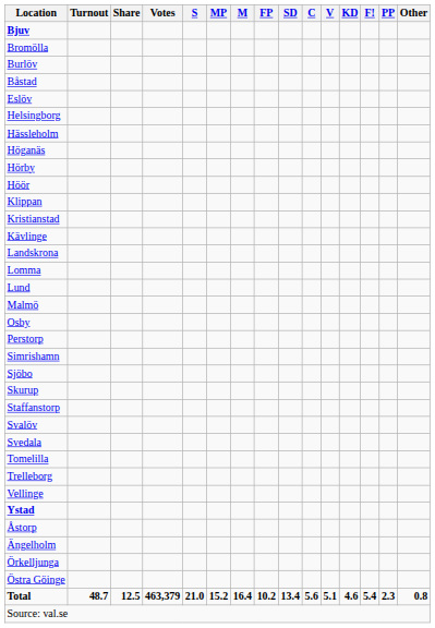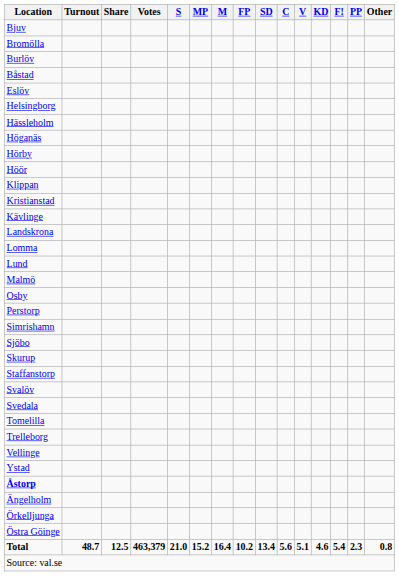 <table class="wikitable sortable" style=text-align:right>
 <tr>
 <th>Location</th>
 <th>Turnout</th>
 <th>Share</th>
 <th>Votes</th>
 <th><a href='#'>S</a></th>
 <th><a href='#'>MP</a></th>
 <th><a href='#'>M</a></th>
 <th><a href='#'>FP</a></th>
 <th><a href='#'>SD</a></th>
 <th><a href='#'>C</a></th>
 <th><a href='#'>V</a></th>
 <th><a href='#'>KD</a></th>
 <th><a href='#'>F!</a></th>
 <th><a href='#'>PP</a></th>
 <th>Other</th>
 </tr>
 <tr>
-<td align=left><strong><a href='#'>Bjuv</a></strong></td>
+<td align=left><a href='#'>Bjuv</a></td>
 <td></td>
 <td></td>
 <td></td>
 <td></td>
 <td></td>
 <td></td>
 <td></td>
 <td></td>
 <td></td>
 <td></td>
 <td></td>
 <td></td>
 <td></td>
 <td></td>
 </tr>
 <tr>
 <td align=left><a href='#'>Bromölla</a></td>
 <td></td>
 <td></td>
 <td></td>
 <td></td>
 <td></td>
 <td></td>
 <td></td>
 <td></td>
 <td></td>
 <td></td>
 <td></td>
 <td></td>
 <td></td>
 <td></td>
 </tr>
 <tr>
 <td align=left><a href='#'>Burlöv</a></td>
 <td></td>
 <td></td>
 <td></td>
 <td></td>
 <td></td>
 <td></td>
 <td></td>
 <td></td>
 <td></td>
 <td></td>
 <td></td>
 <td></td>
 <td></td>
 <td></td>
 </tr>
 <tr>
 <td align=left><a href='#'>Båstad</a></td>
 <td></td>
 <td></td>
 <td></td>
 <td></td>
 <td></td>
 <td></td>
 <td></td>
 <td></td>
 <td></td>
 <td></td>
 <td></td>
 <td></td>
 <td></td>
 <td></td>
 </tr>
 <tr>
 <td align=left><a href='#'>Eslöv</a></td>
 <td></td>
 <td></td>
 <td></td>
 <td></td>
 <td></td>
 <td></td>
 <td></td>
 <td></td>
 <td></td>
 <td></td>
 <td></td>
 <td></td>
 <td></td>
 <td></td>
 </tr>
 <tr>
 <td align=left><a href='#'>Helsingborg</a></td>
 <td></td>
 <td></td>
 <td></td>
 <td></td>
 <td></td>
 <td></td>
 <td></td>
 <td></td>
 <td></td>
 <td></td>
 <td></td>
 <td></td>
 <td></td>
 <td></td>
 </tr>
 <tr>
 <td align=left><a href='#'>Hässleholm</a></td>
 <td></td>
 <td></td>
 <td></td>
 <td></td>
 <td></td>
 <td></td>
 <td></td>
 <td></td>
 <td></td>
 <td></td>
 <td></td>
 <td></td>
 <td></td>
 <td></td>
 </tr>
 <tr>
 <td align=left><a href='#'>Höganäs</a></td>
 <td></td>
 <td></td>
 <td></td>
 <td></td>
 <td></td>
 <td></td>
 <td></td>
 <td></td>
 <td></td>
 <td></td>
 <td></td>
 <td></td>
 <td></td>
 <td></td>
 </tr>
 <tr>
 <td align=left><a href='#'>Hörby</a></td>
 <td></td>
 <td></td>
 <td></td>
 <td></td>
 <td></td>
 <td></td>
 <td></td>
 <td></td>
 <td></td>
 <td></td>
 <td></td>
 <td></td>
 <td></td>
 <td></td>
 </tr>
 <tr>
 <td align=left><a href='#'>Höör</a></td>
 <td></td>
 <td></td>
 <td></td>
 <td></td>
 <td></td>
 <td></td>
 <td></td>
 <td></td>
 <td></td>
 <td></td>
 <td></td>
 <td></td>
 <td></td>
 <td></td>
 </tr>
 <tr>
 <td align=left><a href='#'>Klippan</a></td>
 <td></td>
 <td></td>
 <td></td>
 <td></td>
 <td></td>
 <td></td>
 <td></td>
 <td></td>
 <td></td>
 <td></td>
 <td></td>
 <td></td>
 <td></td>
 <td></td>
 </tr>
 <tr>
 <td align=left><a href='#'>Kristianstad</a></td>
 <td></td>
 <td></td>
 <td></td>
 <td></td>
 <td></td>
 <td></td>
 <td></td>
 <td></td>
 <td></td>
 <td></td>
 <td></td>
 <td></td>
 <td></td>
 <td></td>
 </tr>
 <tr>
 <td align=left><a href='#'>Kävlinge</a></td>
 <td></td>
 <td></td>
 <td></td>
 <td></td>
 <td></td>
 <td></td>
 <td></td>
 <td></td>
 <td></td>
 <td></td>
 <td></td>
 <td></td>
 <td></td>
 <td></td>
 </tr>
 <tr>
 <td align=left><a href='#'>Landskrona</a></td>
 <td></td>
 <td></td>
 <td></td>
 <td></td>
 <td></td>
 <td></td>
 <td></td>
 <td></td>
 <td></td>
 <td></td>
 <td></td>
 <td></td>
 <td></td>
 <td></td>
 </tr>
 <tr>
 <td align=left><a href='#'>Lomma</a></td>
 <td></td>
 <td></td>
 <td></td>
 <td></td>
 <td></td>
 <td></td>
 <td></td>
 <td></td>
 <td></td>
 <td></td>
 <td></td>
 <td></td>
 <td></td>
 <td></td>
 </tr>
 <tr>
 <td align=left><a href='#'>Lund</a></td>
 <td></td>
 <td></td>
 <td></td>
 <td></td>
 <td></td>
 <td></td>
 <td></td>
 <td></td>
 <td></td>
 <td></td>
 <td></td>
 <td></td>
 <td></td>
 <td></td>
 </tr>
 <tr>
 <td align=left><a href='#'>Malmö</a></td>
 <td></td>
 <td></td>
 <td></td>
 <td></td>
 <td></td>
 <td></td>
 <td></td>
 <td></td>
 <td></td>
 <td></td>
 <td></td>
 <td></td>
 <td></td>
 <td></td>
 </tr>
 <tr>
 <td align=left><a href='#'>Osby</a></td>
 <td></td>
 <td></td>
 <td></td>
 <td></td>
 <td></td>
 <td></td>
 <td></td>
 <td></td>
 <td></td>
 <td></td>
 <td></td>
 <td></td>
 <td></td>
 <td></td>
 </tr>
 <tr>
 <td align=left><a href='#'>Perstorp</a></td>
 <td></td>
 <td></td>
 <td></td>
 <td></td>
 <td></td>
 <td></td>
 <td></td>
 <td></td>
 <td></td>
 <td></td>
 <td></td>
 <td></td>
 <td></td>
 <td></td>
 </tr>
 <tr>
 <td align=left><a href='#'>Simrishamn</a></td>
 <td></td>
 <td></td>
 <td></td>
 <td></td>
 <td></td>
 <td></td>
 <td></td>
 <td></td>
 <td></td>
 <td></td>
 <td></td>
 <td></td>
 <td></td>
 <td></td>
 </tr>
 <tr>
 <td align=left><a href='#'>Sjöbo</a></td>
 <td></td>
 <td></td>
 <td></td>
 <td></td>
 <td></td>
 <td></td>
 <td></td>
 <td></td>
 <td></td>
 <td></td>
 <td></td>
 <td></td>
 <td></td>
 <td></td>
 </tr>
 <tr>
 <td align=left><a href='#'>Skurup</a></td>
 <td></td>
 <td></td>
 <td></td>
 <td></td>
 <td></td>
 <td></td>
 <td></td>
 <td></td>
 <td></td>
 <td></td>
 <td></td>
 <td></td>
 <td></td>
 <td></td>
 </tr>
 <tr>
 <td align=left><a href='#'>Staffanstorp</a></td>
 <td></td>
 <td></td>
 <td></td>
 <td></td>
 <td></td>
 <td></td>
 <td></td>
 <td></td>
 <td></td>
 <td></td>
 <td></td>
 <td></td>
 <td></td>
 <td></td>
 </tr>
 <tr>
 <td align=left><a href='#'>Svalöv</a></td>
 <td></td>
 <td></td>
 <td></td>
 <td></td>
 <td></td>
 <td></td>
 <td></td>
 <td></td>
 <td></td>
 <td></td>
 <td></td>
 <td></td>
 <td></td>
 <td></td>
 </tr>
 <tr>
 <td align=left><a href='#'>Svedala</a></td>
 <td></td>
 <td></td>
 <td></td>
 <td></td>
 <td></td>
 <td></td>
 <td></td>
 <td></td>
 <td></td>
 <td></td>
 <td></td>
 <td></td>
 <td></td>
 <td></td>
 </tr>
 <tr>
 <td align=left><a href='#'>Tomelilla</a></td>
 <td></td>
 <td></td>
 <td></td>
 <td></td>
 <td></td>
 <td></td>
 <td></td>
 <td></td>
 <td></td>
 <td></td>
 <td></td>
 <td></td>
 <td></td>
 <td></td>
 </tr>
 <tr>
 <td align=left><a href='#'>Trelleborg</a></td>
 <td></td>
 <td></td>
 <td></td>
 <td></td>
 <td></td>
 <td></td>
 <td></td>
 <td></td>
 <td></td>
 <td></td>
 <td></td>
 <td></td>
 <td></td>
 <td></td>
 </tr>
 <tr>
 <td align=left><a href='#'>Vellinge</a></td>
 <td></td>
 <td></td>
 <td></td>
 <td></td>
 <td></td>
 <td></td>
 <td></td>
 <td></td>
 <td></td>
 <td></td>
 <td></td>
 <td></td>
 <td></td>
 <td></td>
 </tr>
 <tr>
-<td align=left><strong><a href='#'>Ystad</a></strong></td>
+<td align=left><a href='#'>Ystad</a></td>
 <td></td>
 <td></td>
 <td></td>
 <td></td>
 <td></td>
 <td></td>
 <td></td>
 <td></td>
 <td></td>
 <td></td>
 <td></td>
 <td></td>
 <td></td>
 <td></td>
 </tr>
 <tr>
-<td align=left><a href='#'>Åstorp</a></td>
+<td align=left><strong><a href='#'>Åstorp</a></strong></td>
 <td></td>
 <td></td>
 <td></td>
 <td></td>
 <td></td>
 <td></td>
 <td></td>
 <td></td>
 <td></td>
 <td></td>
 <td></td>
 <td></td>
 <td></td>
 <td></td>
 </tr>
 <tr>
 <td align=left><a href='#'>Ängelholm</a></td>
 <td></td>
 <td></td>
 <td></td>
 <td></td>
 <td></td>
 <td></td>
 <td></td>
 <td></td>
 <td></td>
 <td></td>
 <td></td>
 <td></td>
 <td></td>
 <td></td>
 </tr>
 <tr>
 <td align=left><a href='#'>Örkelljunga</a></td>
 <td></td>
 <td></td>
 <td></td>
 <td></td>
 <td></td>
 <td></td>
 <td></td>
 <td></td>
 <td></td>
 <td></td>
 <td></td>
 <td></td>
 <td></td>
 <td></td>
 </tr>
 <tr>
 <td align=left><a href='#'>Östra Göinge</a></td>
 <td></td>
 <td></td>
 <td></td>
 <td></td>
 <td></td>
 <td></td>
 <td></td>
 <td></td>
 <td></td>
 <td></td>
 <td></td>
 <td></td>
 <td></td>
 <td></td>
 </tr>
 <tr>
 <td align=left><strong>Total</strong></td>
 <td><strong>48.7</strong></td>
 <td><strong>12.5</strong></td>
 <td><strong>463,379</strong></td>
 <td><strong>21.0</strong></td>
 <td><strong>15.2</strong></td>
 <td><strong>16.4</strong></td>
 <td><strong>10.2</strong></td>
 <td><strong>13.4</strong></td>
 <td><strong>5.6</strong></td>
 <td><strong>5.1</strong></td>
 <td><strong>4.6</strong></td>
 <td><strong>5.4</strong></td>
 <td><strong>2.3</strong></td>
 <td><strong>0.8</strong></td>
 </tr>
 <tr>
 <td align=left colspan=15>Source: val.se </td>
 </tr>
 </table>
